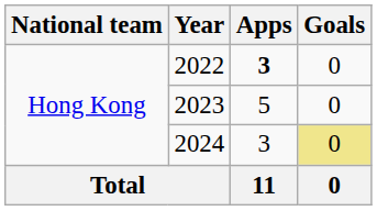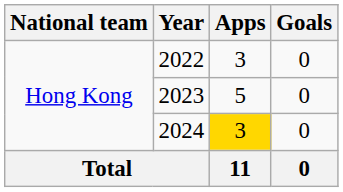 <table class="wikitable" style="text-align:center">
 <tr>
 <th>National team</th>
 <th>Year</th>
 <th>Apps</th>
 <th>Goals</th>
 </tr>
 <tr>
 <td rowspan="3"><a href='#'>Hong Kong</a></td>
 <td>2022</td>
-<td><strong>3</strong></td>
+<td>3</td>
 <td>0</td>
 </tr>
 <tr>
 <td>2023</td>
 <td>5</td>
 <td>0</td>
 </tr>
 <tr>
 <td>2024</td>
-<td>3</td>
-<td style="background: khaki;">0</td>
+<td style="background: gold;">3</td>
+<td>0</td>
 </tr>
 <tr>
 <th colspan="2">Total</th>
 <th>11</th>
 <th>0</th>
 </tr>
 </table>
